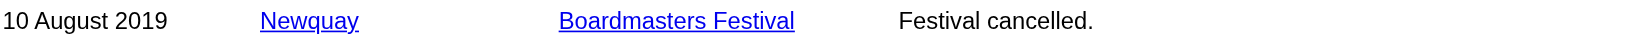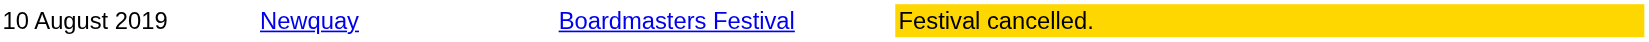 <table cellpadding="2" style="border: 0px solid darkgray; font-size:90%">
 <tr>
 <th width="150"></th>
 <th width="175"></th>
 <th width="200"></th>
 <th width="450"></th>
 </tr>
 <tr border="0">
 <td>10 August 2019</td>
 <td><a href='#'>Newquay</a></td>
 <td><a href='#'>Boardmasters Festival</a></td>
-<td>Festival cancelled.</td>
+<td style="background: gold;">Festival cancelled.</td>
 </tr>
 </table>
